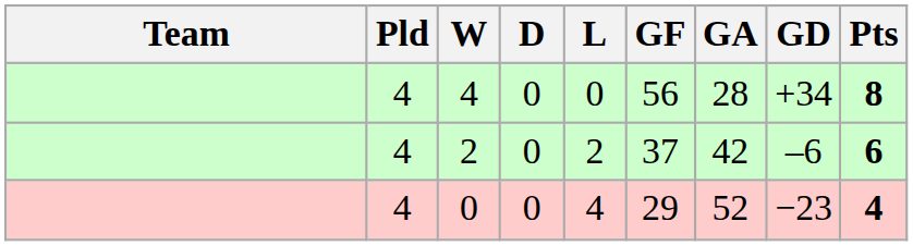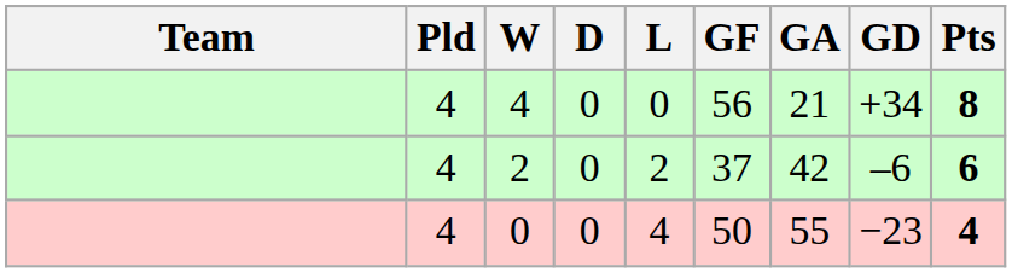 <table class="wikitable" style="text-align:center;">
 <tr>
 <th width=150>Team</th>
 <th width=20>Pld</th>
 <th width=20>W</th>
 <th width=20>D</th>
 <th width=20>L</th>
 <th width=20>GF</th>
 <th width=20>GA</th>
 <th width=20>GD</th>
 <th width=20>Pts</th>
 </tr>
 <tr bgcolor=ccffcc>
 <td align="left"></td>
 <td>4</td>
 <td>4</td>
 <td>0</td>
 <td>0</td>
 <td>56</td>
-<td>28</td>
+<td>21</td>
 <td>+34</td>
 <td><strong>8</strong></td>
 </tr>
 <tr bgcolor=ccffcc>
 <td align="left"></td>
 <td>4</td>
 <td>2</td>
 <td>0</td>
 <td>2</td>
 <td>37</td>
 <td>42</td>
 <td>–6</td>
 <td><strong>6</strong></td>
 </tr>
 <tr bgcolor=ffcccc>
 <td align="left"></td>
 <td>4</td>
 <td>0</td>
 <td>0</td>
 <td>4</td>
-<td>29</td>
-<td>52</td>
+<td>50</td>
+<td>55</td>
 <td>−23</td>
 <td><strong>4</strong></td>
 </tr>
 </table>
